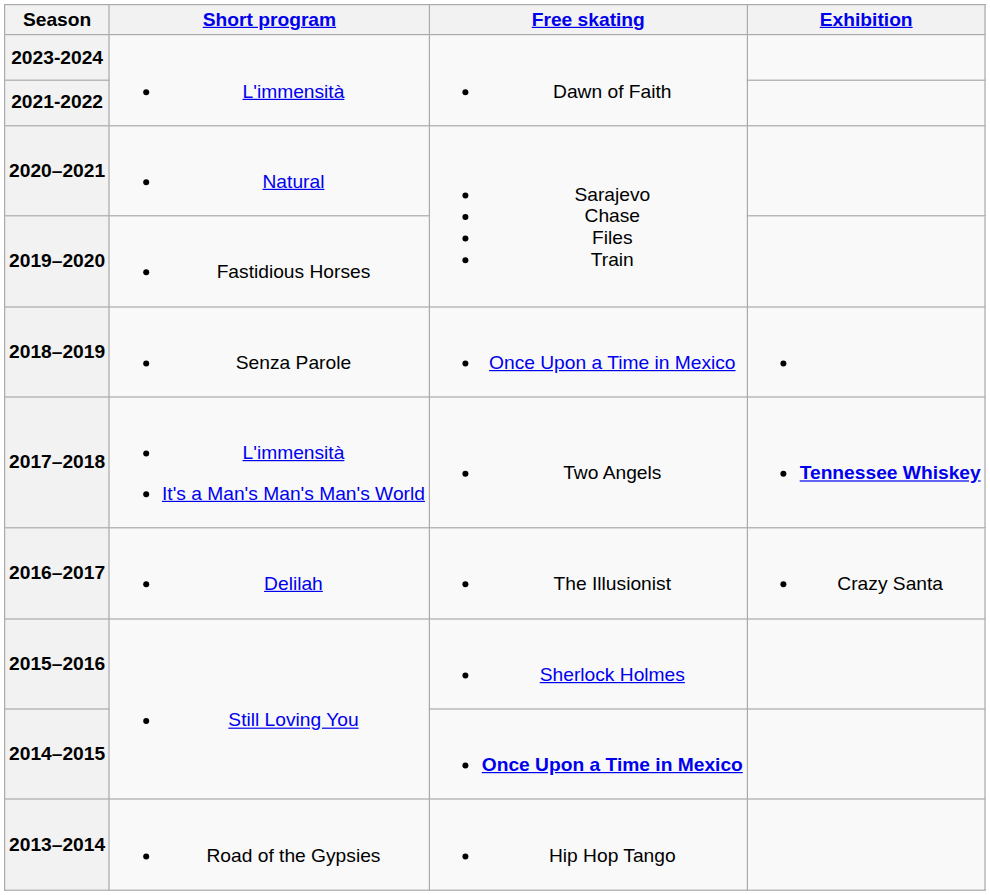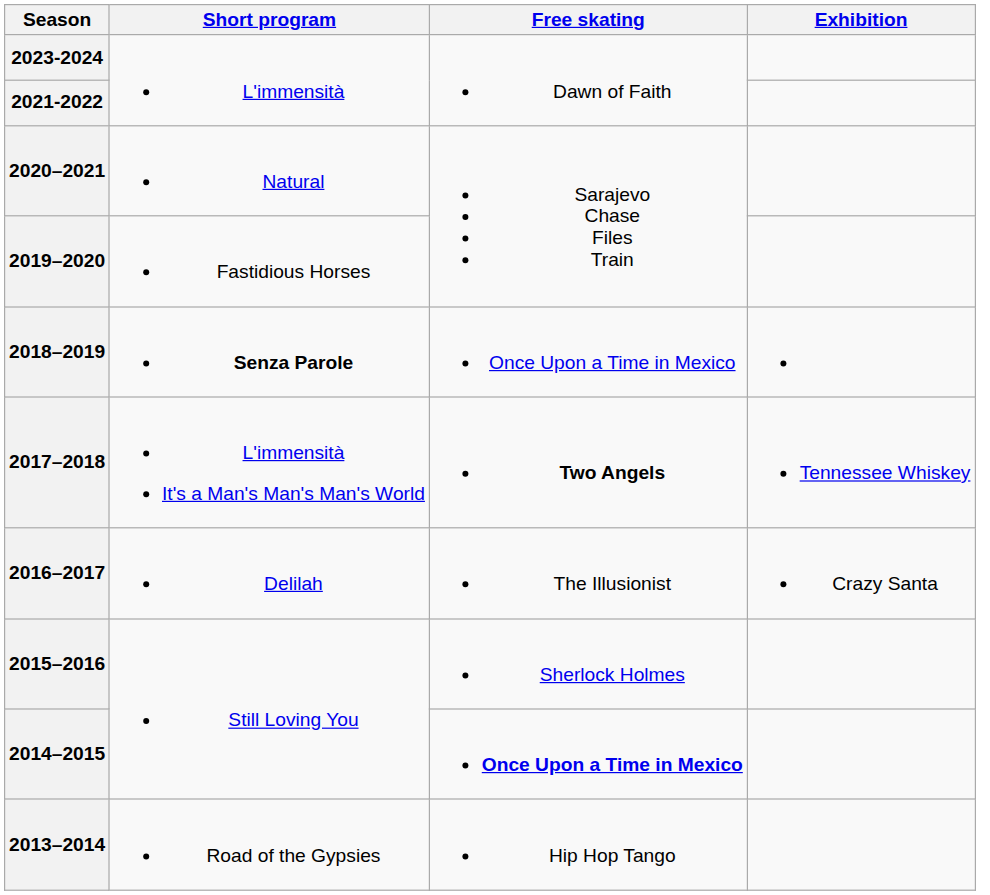 <table class=wikitable style=text-align:center>
 <tr>
 <th>Season</th>
 <th><a href='#'>Short program</a></th>
 <th><a href='#'>Free skating</a></th>
 <th><a href='#'>Exhibition</a></th>
 </tr>
 <tr>
 <th>2023-2024</th>
 <td rowspan=2><br><ul><li><a href='#'>L'immensità</a><br></li></ul></td>
 <td rowspan=2><br><ul><li>Dawn of Faith <br></li></ul></td>
 <td></td>
 </tr>
 <tr>
 <th>2021-2022</th>
 <td></td>
 </tr>
 <tr>
 <th>2020–2021 <br> </th>
 <td><br><ul><li><a href='#'>Natural</a> <br></li></ul></td>
 <td rowspan=2><br><ul><li>Sarajevo</li><li>Chase</li><li>Files</li><li>Train <br></li></ul></td>
 <td></td>
 </tr>
 <tr>
 <th>2019–2020 <br> </th>
 <td><br><ul><li>Fastidious Horses <br></li></ul></td>
 <td></td>
 </tr>
 <tr>
 <th>2018–2019 <br> </th>
-<td><br><ul><li>Senza Parole <br></li></ul></td>
+<td><strong><br><ul><li>Senza Parole <br></li></ul></strong></td>
 <td><br><ul><li><a href='#'>Once Upon a Time in Mexico</a> <br></li></ul></td>
 <td><br><ul><li></li></ul></td>
 </tr>
 <tr>
 <th>2017–2018 <br> </th>
 <td><br><ul><li><a href='#'>L'immensità</a><br></li></ul><ul><li><a href='#'>It's a Man's Man's Man's World</a> <br></li></ul></td>
-<td><br><ul><li>Two Angels <br></li></ul></td>
-<td><strong><br><ul><li><a href='#'>Tennessee Whiskey</a> <br></li></ul></strong></td>
+<td><strong><br><ul><li>Two Angels <br></li></ul></strong></td>
+<td><br><ul><li><a href='#'>Tennessee Whiskey</a> <br></li></ul></td>
 </tr>
 <tr>
 <th>2016–2017 <br> </th>
 <td><br><ul><li><a href='#'>Delilah</a> <br></li></ul></td>
 <td><br><ul><li>The Illusionist <br></li></ul></td>
 <td><br><ul><li>Crazy Santa</li></ul></td>
 </tr>
 <tr>
 <th>2015–2016 <br> </th>
 <td rowspan=2><br><ul><li><a href='#'>Still Loving You</a> <br></li></ul></td>
 <td><br><ul><li><a href='#'>Sherlock Holmes</a> <br> </li></ul></td>
 <td></td>
 </tr>
 <tr>
 <th>2014–2015 <br> </th>
 <td><strong><br><ul><li><a href='#'>Once Upon a Time in Mexico</a> <br></li></ul></strong></td>
 <td></td>
 </tr>
 <tr>
 <th>2013–2014 <br> </th>
 <td><br><ul><li>Road of the Gypsies <br></li></ul></td>
 <td><br><ul><li>Hip Hop Tango <br></li></ul></td>
 <td></td>
 </tr>
 </table>
